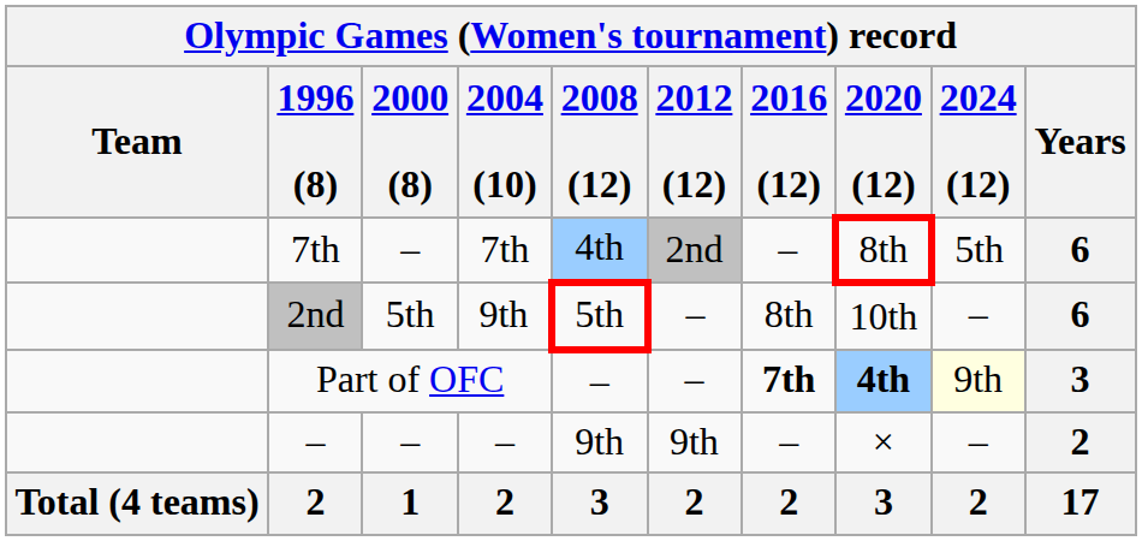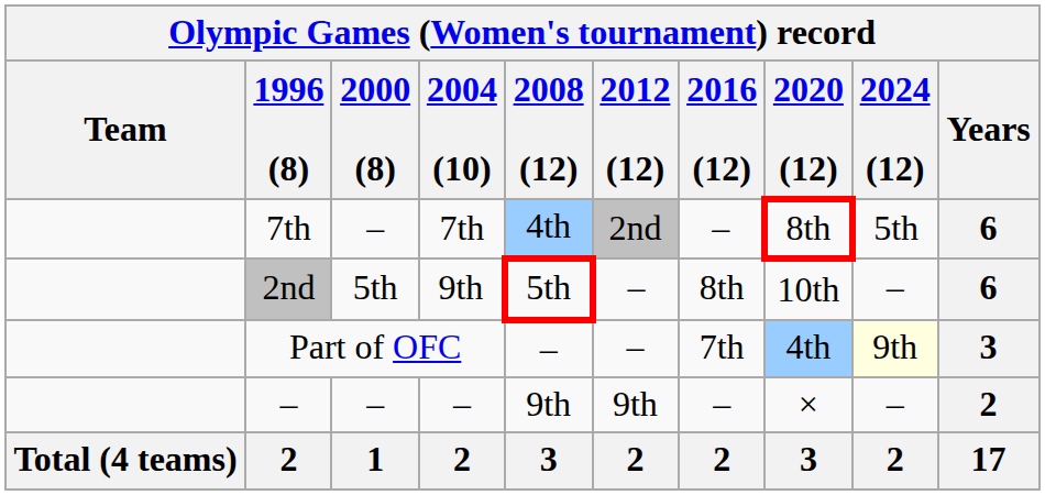 <table class="wikitable" style="text-align:center">
 <tr>
 <th colspan=10><a href='#'>Olympic Games</a> (<a href='#'>Women's tournament</a>) record</th>
 </tr>
 <tr>
 <th>Team</th>
 <th><a href='#'>1996</a><br><br>(8)</th>
 <th><a href='#'>2000</a><br><br>(8)</th>
 <th><a href='#'>2004</a><br><br>(10)</th>
 <th><a href='#'>2008</a><br><br>(12)</th>
 <th><a href='#'>2012</a><br><br>(12)</th>
 <th><a href='#'>2016</a><br><br>(12)</th>
 <th><a href='#'>2020</a><br><br>(12)</th>
 <th><a href='#'>2024</a><br><br>(12)</th>
 <th>Years</th>
 </tr>
 <tr>
 <td align=left></td>
 <td>7th</td>
 <td>–</td>
 <td>7th</td>
 <td style="background:#9acdff;">4th</td>
 <td style="background:silver;">2nd</td>
 <td>–</td>
 <td style="border: 3px solid red">8th</td>
 <td>5th</td>
 <th>6</th>
 </tr>
 <tr>
 <td align=left></td>
 <td style="background:silver;">2nd</td>
 <td>5th</td>
 <td>9th</td>
 <td style="border: 3px solid red">5th</td>
 <td>–</td>
 <td>8th</td>
 <td>10th</td>
 <td>–</td>
 <th>6</th>
 </tr>
 <tr>
 <td align=left></td>
 <td colspan=3>Part of <a href='#'>OFC</a></td>
 <td>–</td>
 <td>–</td>
-<td><strong>7th</strong></td>
-<td style="background:#9acdff;"><strong>4th</strong></td>
+<td>7th</td>
+<td style="background:#9acdff;">4th</td>
 <td style="background: lightyellow;">9th</td>
 <th>3</th>
 </tr>
 <tr>
 <td align=left></td>
 <td>–</td>
 <td>–</td>
 <td>–</td>
 <td>9th</td>
 <td>9th</td>
 <td>–</td>
 <td>×</td>
 <td>–</td>
 <th>2</th>
 </tr>
 <tr>
 <th align=left>Total (4 teams)</th>
 <th>2</th>
 <th>1</th>
 <th>2</th>
 <th>3</th>
 <th>2</th>
 <th>2</th>
 <th>3</th>
 <th>2</th>
 <th>17</th>
 </tr>
 </table>
